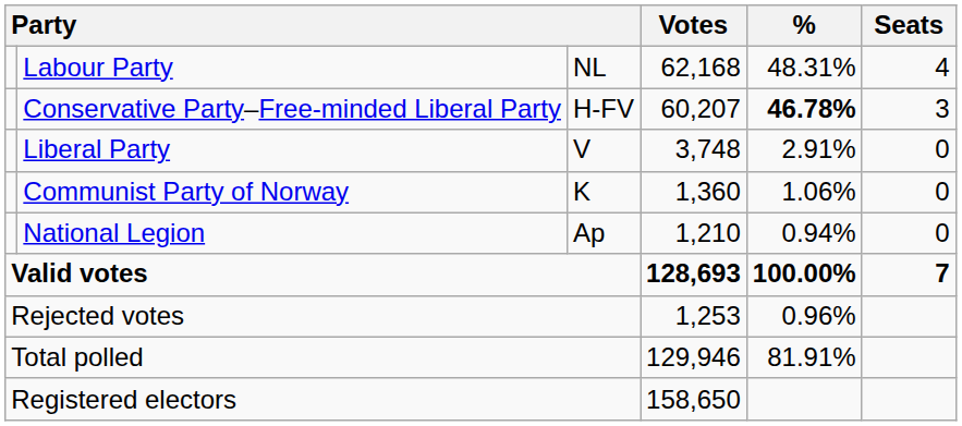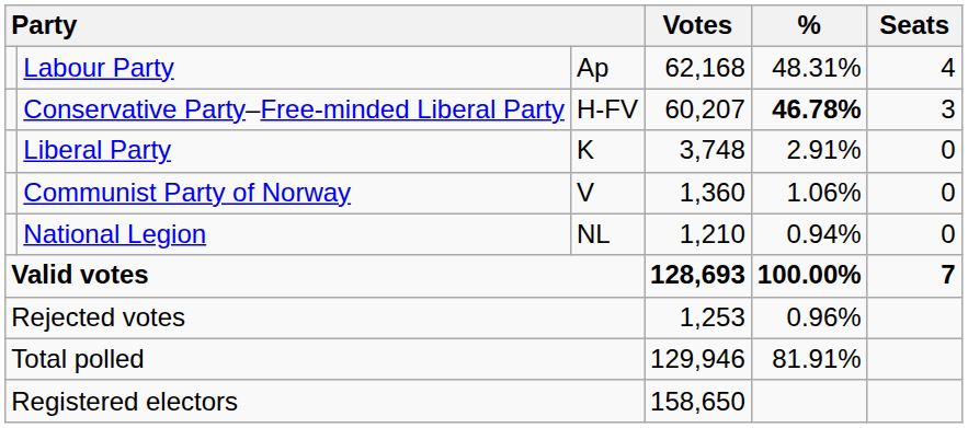 <table class="wikitable" border="1" style="text-align:right;">
 <tr>
 <th style="text-align:left;" colspan=3>Party</th>
 <th align=center width="50">Votes</th>
 <th align=center width="50">%</th>
 <th align=center width="50">Seats</th>
 </tr>
 <tr>
 <td style="color:inherit;background:"></td>
 <td align=left><a href='#'>Labour Party</a></td>
-<td align=left>NL</td>
+<td align=left>Ap</td>
 <td>62,168</td>
 <td>48.31%</td>
 <td>4</td>
 </tr>
 <tr>
 <td></td>
 <td align=left><a href='#'>Conservative Party</a>–<a href='#'>Free-minded Liberal Party</a></td>
 <td align=left>H-FV</td>
 <td>60,207</td>
 <td><strong>46.78%</strong></td>
 <td>3</td>
 </tr>
 <tr>
 <td style="color:inherit;background:"></td>
 <td align=left><a href='#'>Liberal Party</a></td>
-<td align=left>V</td>
+<td align=left>K</td>
 <td>3,748</td>
 <td>2.91%</td>
 <td>0</td>
 </tr>
 <tr>
 <td style="color:inherit;background:"></td>
 <td align=left><a href='#'>Communist Party of Norway</a></td>
-<td align=left>K</td>
+<td align=left>V</td>
 <td>1,360</td>
 <td>1.06%</td>
 <td>0</td>
 </tr>
 <tr>
 <td style="color:inherit;background:"></td>
 <td align=left><a href='#'>National Legion</a></td>
-<td align=left>Ap</td>
+<td align=left>NL</td>
 <td>1,210</td>
 <td>0.94%</td>
 <td>0</td>
 </tr>
 <tr style="font-weight:bold">
 <td align=left colspan=3>Valid votes</td>
 <td>128,693</td>
 <td>100.00%</td>
 <td>7</td>
 </tr>
 <tr>
 <td align=left colspan=3>Rejected votes</td>
 <td>1,253</td>
 <td>0.96%</td>
 <td></td>
 </tr>
 <tr>
 <td align=left colspan=3>Total polled</td>
 <td>129,946</td>
 <td>81.91%</td>
 <td></td>
 </tr>
 <tr>
 <td align=left colspan=3>Registered electors</td>
 <td>158,650</td>
 <td></td>
 <td></td>
 </tr>
 </table>
